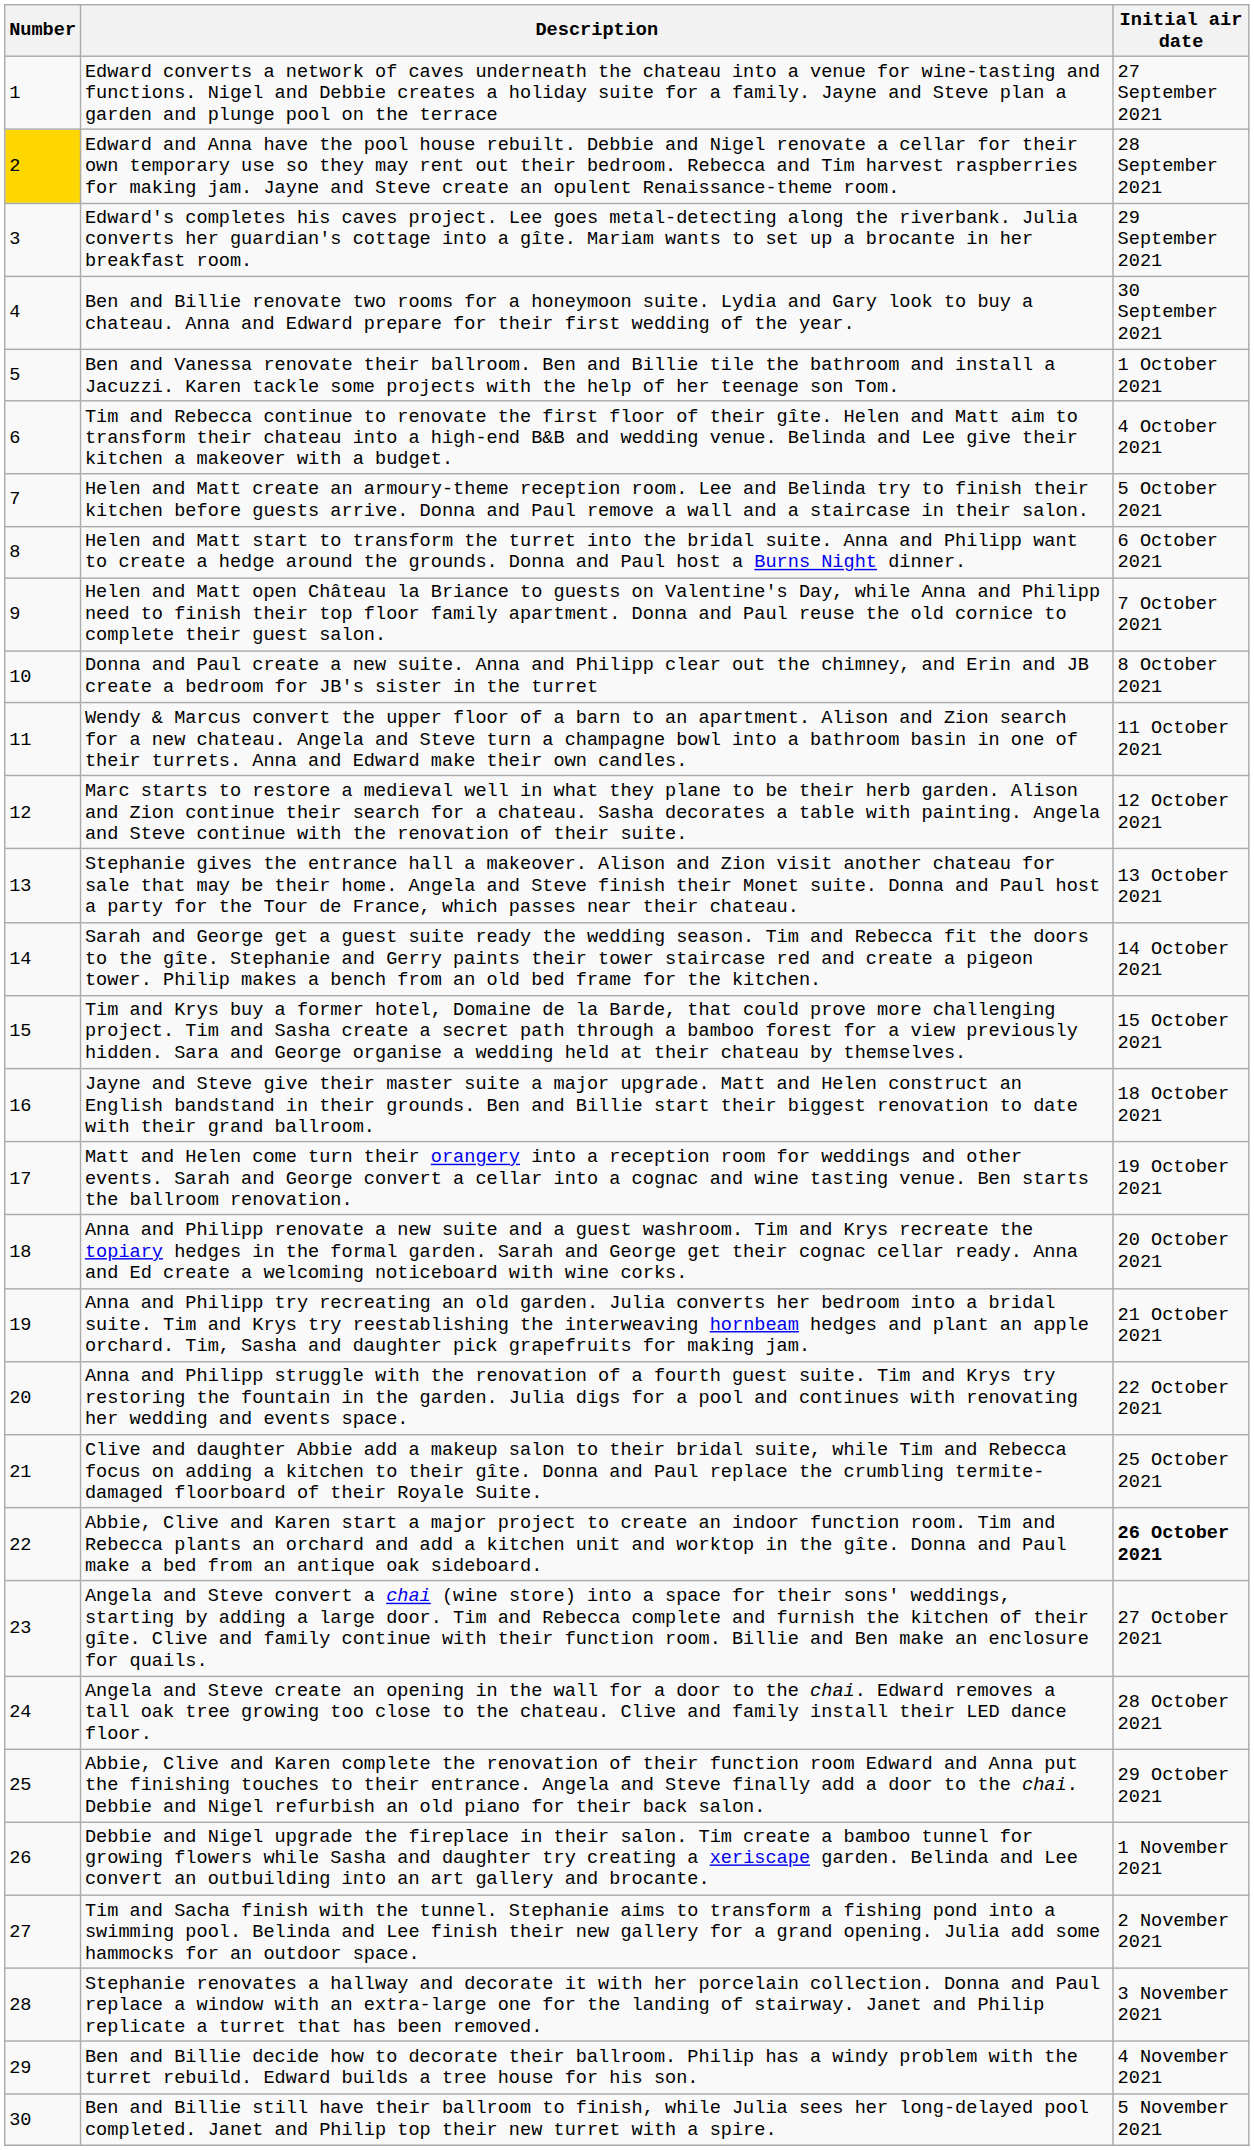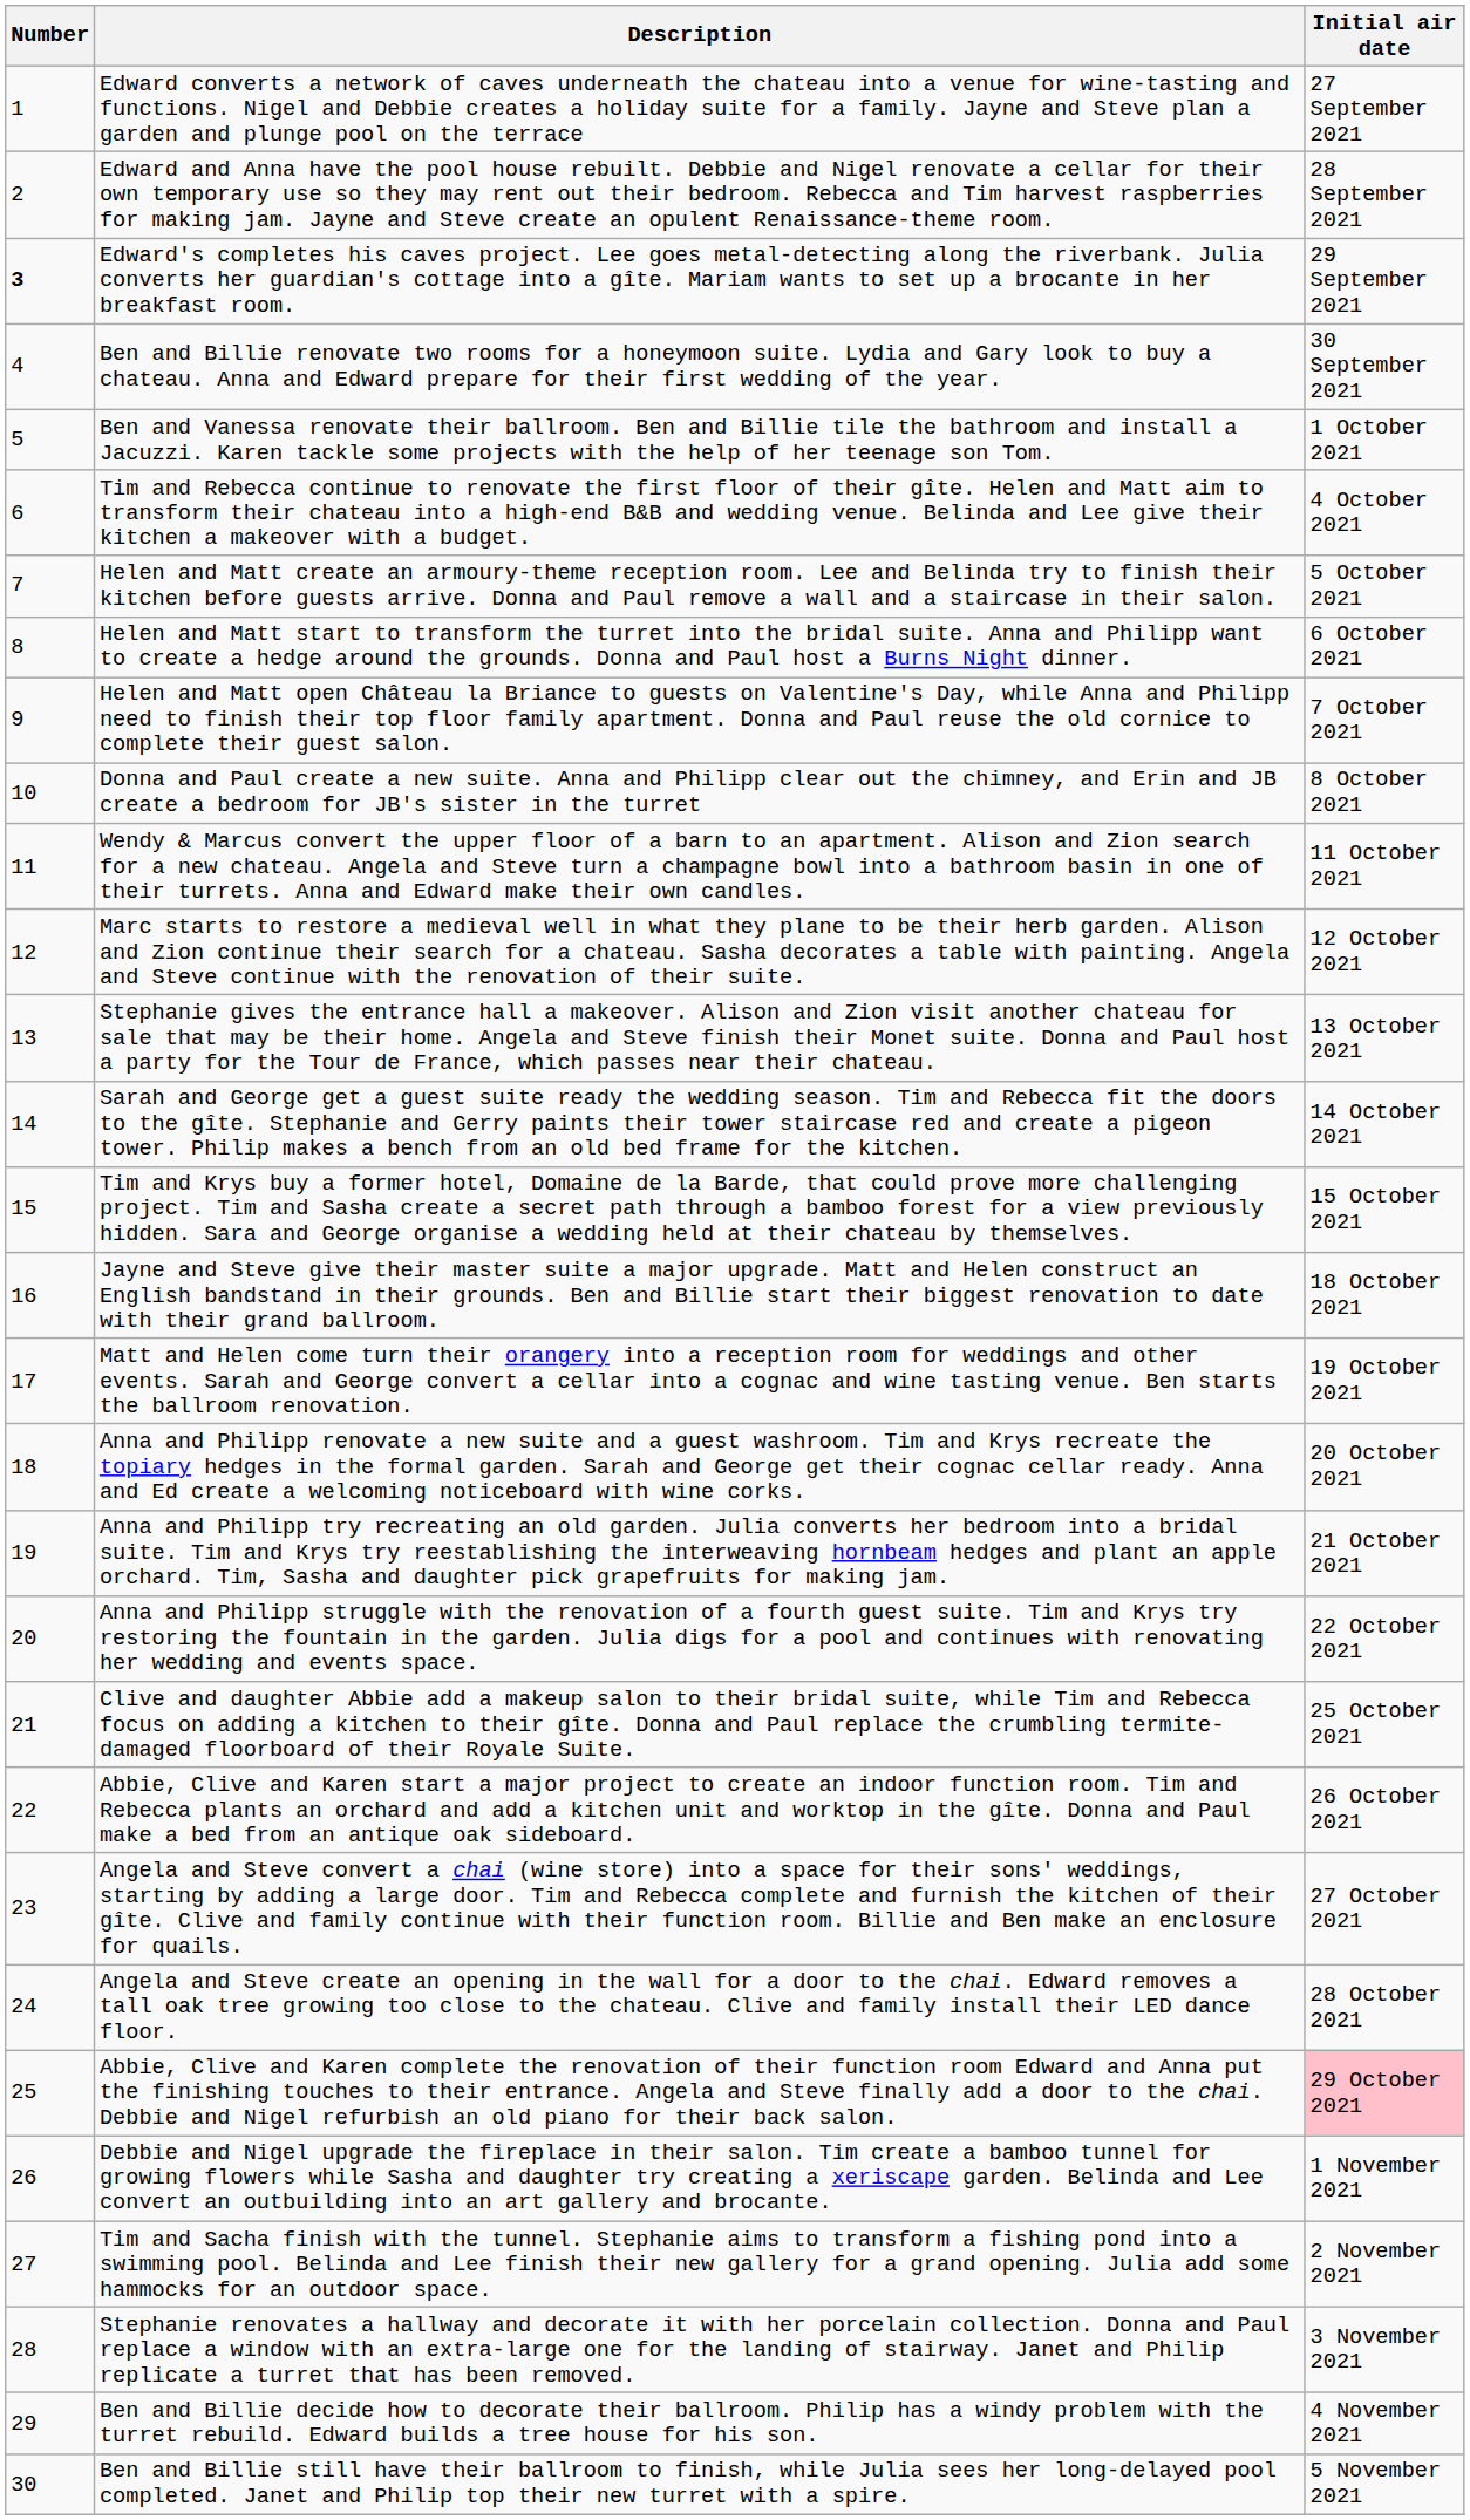 <table class="wikitable">
 <tr>
 <th>Number</th>
 <th>Description</th>
 <th>Initial air date</th>
 </tr>
 <tr>
 <td>1</td>
 <td>Edward converts a network of caves underneath the chateau into a venue for wine-tasting and functions. Nigel and Debbie creates a holiday suite for a family. Jayne and Steve plan a garden and plunge pool on the terrace</td>
 <td>27 September 2021</td>
 </tr>
 <tr>
-<td style="background: gold;">2</td>
+<td>2</td>
 <td>Edward and Anna have the pool house rebuilt. Debbie and Nigel renovate a cellar for their own temporary use so they may rent out their bedroom. Rebecca and Tim harvest raspberries for making jam. Jayne and Steve create an opulent Renaissance-theme room.</td>
 <td>28 September 2021</td>
 </tr>
 <tr>
-<td>3</td>
+<td><strong>3</strong></td>
 <td>Edward's completes his caves project. Lee goes metal-detecting along the riverbank. Julia converts her guardian's cottage into a gîte. Mariam wants to set up a brocante in her breakfast room.</td>
 <td>29 September 2021</td>
 </tr>
 <tr>
 <td>4</td>
 <td>Ben and Billie renovate two rooms for a honeymoon suite. Lydia and Gary look to buy a chateau. Anna and Edward prepare for their first wedding of the year.</td>
 <td>30 September 2021</td>
 </tr>
 <tr>
 <td>5</td>
 <td>Ben and Vanessa renovate their ballroom. Ben and Billie tile the bathroom and install a Jacuzzi. Karen tackle some projects with the help of her teenage son Tom.</td>
 <td>1 October 2021</td>
 </tr>
 <tr>
 <td>6</td>
 <td>Tim and Rebecca continue to renovate the first floor of their gîte. Helen and Matt aim to transform their chateau into a high-end B&B and wedding venue. Belinda and Lee give their kitchen a makeover with a budget.</td>
 <td>4 October 2021</td>
 </tr>
 <tr>
 <td>7</td>
 <td>Helen and Matt create an armoury-theme reception room. Lee and Belinda try to finish their kitchen before guests arrive. Donna and Paul remove a wall and a staircase in their salon.</td>
 <td>5 October 2021</td>
 </tr>
 <tr>
 <td>8</td>
 <td>Helen and Matt start to transform the turret into the bridal suite. Anna and Philipp want to create a hedge around the grounds. Donna and Paul host a <a href='#'>Burns Night</a> dinner.</td>
 <td>6 October 2021</td>
 </tr>
 <tr>
 <td>9</td>
 <td>Helen and Matt open Château la Briance to guests on Valentine's Day, while Anna and Philipp need to finish their top floor family apartment. Donna and Paul reuse the old cornice to complete their guest salon.</td>
 <td>7 October 2021</td>
 </tr>
 <tr>
 <td>10</td>
 <td>Donna and Paul create a new suite. Anna and Philipp clear out the chimney, and Erin and JB create a bedroom for JB's sister in the turret</td>
 <td>8 October 2021</td>
 </tr>
 <tr>
 <td>11</td>
 <td>Wendy & Marcus convert the upper floor of a barn to an apartment. Alison and Zion search for a new chateau. Angela and Steve turn a champagne bowl into a bathroom basin in one of their turrets. Anna and Edward make their own candles.</td>
 <td>11 October 2021</td>
 </tr>
 <tr>
 <td>12</td>
 <td>Marc starts to restore a medieval well in what they plane to be their herb garden. Alison and Zion continue their search for a chateau. Sasha decorates a table with painting. Angela and Steve continue with the renovation of their suite.</td>
 <td>12 October 2021</td>
 </tr>
 <tr>
 <td>13</td>
 <td>Stephanie gives the entrance hall a makeover. Alison and Zion visit another chateau for sale that may be their home. Angela and Steve finish their Monet suite. Donna and Paul host a party for the Tour de France, which passes near their chateau.</td>
 <td>13 October 2021</td>
 </tr>
 <tr>
 <td>14</td>
 <td>Sarah and George get a guest suite ready the wedding season. Tim and Rebecca fit the doors to the gîte. Stephanie and Gerry paints their tower staircase red and create a pigeon tower. Philip makes a bench from an old bed frame for the kitchen.</td>
 <td>14 October 2021</td>
 </tr>
 <tr>
 <td>15</td>
 <td>Tim and Krys buy a former hotel, Domaine de la Barde, that could prove more challenging project. Tim and Sasha create a secret path through a bamboo forest for a view previously hidden. Sara and George organise a wedding held at their chateau by themselves.</td>
 <td>15 October 2021</td>
 </tr>
 <tr>
 <td>16</td>
 <td>Jayne and Steve give their master suite a major upgrade. Matt and Helen construct an English bandstand in their grounds. Ben and Billie start their biggest renovation to date with their grand ballroom.</td>
 <td>18 October 2021</td>
 </tr>
 <tr>
 <td>17</td>
 <td>Matt and Helen come turn their <a href='#'>orangery</a> into a reception room for weddings and other events. Sarah and George convert a cellar into a cognac and wine tasting venue. Ben starts the ballroom renovation.</td>
 <td>19 October 2021</td>
 </tr>
 <tr>
 <td>18</td>
 <td>Anna and Philipp renovate a new suite and a guest washroom.  Tim and Krys recreate the <a href='#'>topiary</a> hedges in the formal garden. Sarah and George get their cognac cellar ready. Anna and Ed create a welcoming noticeboard with wine corks.</td>
 <td>20 October 2021</td>
 </tr>
 <tr>
 <td>19</td>
 <td>Anna and Philipp try recreating an old garden. Julia converts her bedroom into a bridal suite. Tim and Krys try reestablishing the interweaving <a href='#'>hornbeam</a> hedges and plant an apple orchard. Tim, Sasha and daughter pick grapefruits for making jam.</td>
 <td>21 October 2021</td>
 </tr>
 <tr>
 <td>20</td>
 <td>Anna and Philipp struggle with the renovation of a fourth guest suite. Tim and Krys try restoring the fountain in the garden. Julia digs for a pool and continues with renovating her wedding and events space.</td>
 <td>22 October 2021</td>
 </tr>
 <tr>
 <td>21</td>
 <td>Clive and daughter Abbie add a makeup salon to their bridal suite, while Tim and Rebecca focus on adding a kitchen to their gîte. Donna and Paul replace the crumbling termite-damaged floorboard of their Royale Suite.</td>
 <td>25 October 2021</td>
 </tr>
 <tr>
 <td>22</td>
 <td>Abbie, Clive and Karen start a major project to create an indoor function room. Tim and Rebecca plants an orchard and add a kitchen unit and worktop in the gîte. Donna and Paul make a bed from an antique oak sideboard.</td>
-<td><strong>26 October 2021</strong></td>
+<td>26 October 2021</td>
 </tr>
 <tr>
 <td>23</td>
 <td>Angela and Steve convert a <em><a href='#'>chai</a></em> (wine store) into a space for their sons' weddings, starting by adding a large door. Tim and Rebecca complete and furnish the kitchen of their gîte. Clive and family continue with their function room. Billie and Ben make an enclosure for quails.</td>
 <td>27 October 2021</td>
 </tr>
 <tr>
 <td>24</td>
 <td>Angela and Steve create an opening in the wall for a door to the <em>chai</em>. Edward removes a tall oak tree growing too close to the chateau. Clive and family install their LED dance floor.</td>
 <td>28 October 2021</td>
 </tr>
 <tr>
 <td>25</td>
 <td>Abbie, Clive and Karen complete the renovation of their function room  Edward and Anna put the finishing touches to their entrance. Angela and Steve finally add a door to the <em>chai</em>. Debbie and Nigel refurbish an old piano for their back salon.</td>
-<td>29 October 2021</td>
+<td style="background: pink;">29 October 2021</td>
 </tr>
 <tr>
 <td>26</td>
 <td>Debbie and Nigel upgrade the fireplace in their salon. Tim create a bamboo tunnel for growing flowers while Sasha and daughter try creating a <a href='#'>xeriscape</a> garden. Belinda and Lee convert an outbuilding into an art gallery and brocante.</td>
 <td>1 November 2021</td>
 </tr>
 <tr>
 <td>27</td>
 <td>Tim and Sacha finish with the tunnel. Stephanie aims to transform a fishing pond into a swimming pool.  Belinda and Lee finish their new gallery for a grand opening. Julia add some hammocks for an outdoor space.</td>
 <td>2 November 2021</td>
 </tr>
 <tr>
 <td>28</td>
 <td>Stephanie renovates a hallway and decorate it with her porcelain collection. Donna and Paul replace a window with an extra-large one for the landing of stairway. Janet and Philip replicate a turret that has been removed.</td>
 <td>3 November 2021</td>
 </tr>
 <tr>
 <td>29</td>
 <td>Ben and Billie decide how to decorate their ballroom. Philip has a windy problem with the turret rebuild. Edward builds a tree house for his son.</td>
 <td>4 November 2021</td>
 </tr>
 <tr>
 <td>30</td>
 <td>Ben and Billie still have their ballroom to finish, while Julia sees her long-delayed pool completed. Janet and Philip top their new turret with a spire.</td>
 <td>5 November 2021</td>
 </tr>
 <tr>
 </tr>
 </table>
